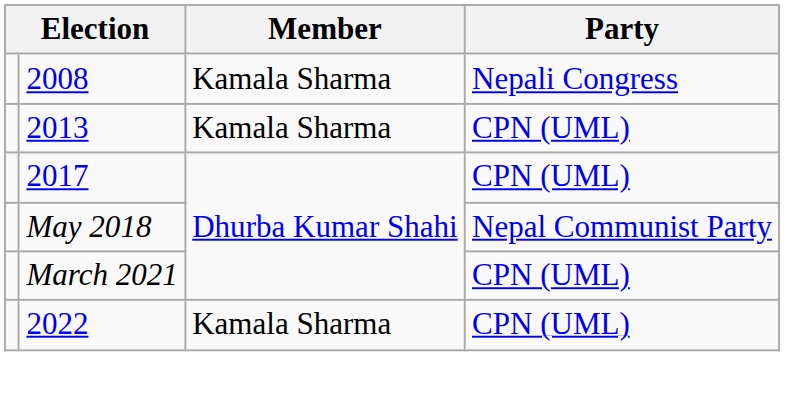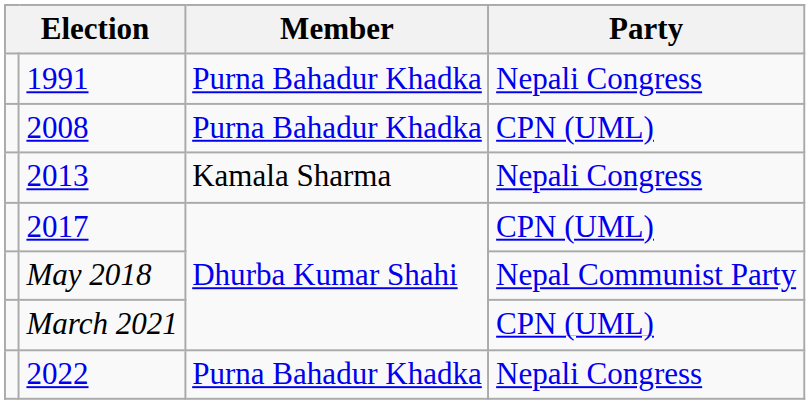 <table class="wikitable">
 <tr>
 <th colspan="2">Election</th>
 <th>Member</th>
 <th>Party</th>
 </tr>
 <tr>
 <td style="color:inherit;background:"></td>
+<td><a href='#'>1991</a></td>
+<td><a href='#'>Purna Bahadur Khadka</a></td>
+<td><a href='#'>Nepali Congress</a></td>
+</tr>
+<tr>
+<td style="color:inherit;background:"></td>
 <td><a href='#'>2008</a></td>
-<td>Kamala Sharma</td>
-<td><a href='#'>Nepali Congress</a></td>
+<td><a href='#'>Purna Bahadur Khadka</a></td>
+<td><a href='#'>CPN (UML)</a></td>
 </tr>
 <tr>
 <td style="color:inherit;background:"></td>
 <td><a href='#'>2013</a></td>
 <td>Kamala Sharma</td>
-<td><a href='#'>CPN (UML)</a></td>
+<td><a href='#'>Nepali Congress</a></td>
 </tr>
 <tr>
 <td style="color:inherit;background:"></td>
 <td><a href='#'>2017</a></td>
 <td rowspan="3"><a href='#'>Dhurba Kumar Shahi</a></td>
 <td><a href='#'>CPN (UML)</a></td>
 </tr>
 <tr>
 <td style="color:inherit;background:"></td>
 <td><em>May 2018</em></td>
 <td><a href='#'>Nepal Communist Party</a></td>
 </tr>
 <tr>
 <td style="color:inherit;background:"></td>
 <td><em>March 2021</em></td>
 <td><a href='#'>CPN (UML)</a></td>
 </tr>
 <tr>
 <td style="color:inherit;background:"></td>
 <td><a href='#'>2022</a></td>
-<td>Kamala Sharma</td>
-<td><a href='#'>CPN (UML)</a></td>
+<td><a href='#'>Purna Bahadur Khadka</a></td>
+<td><a href='#'>Nepali Congress</a></td>
 </tr>
 </table>
